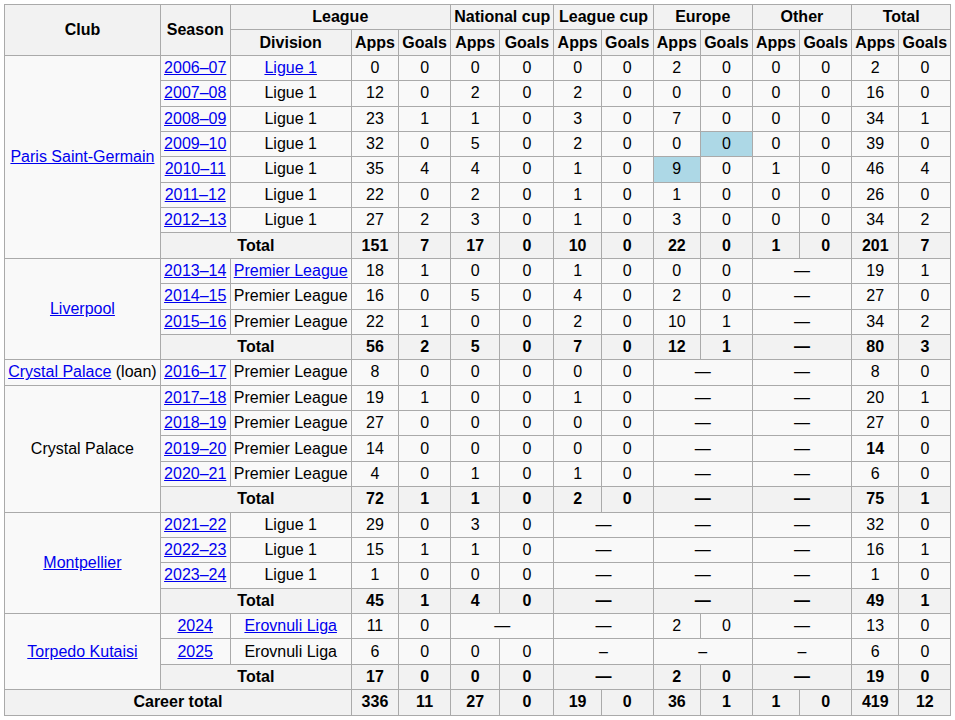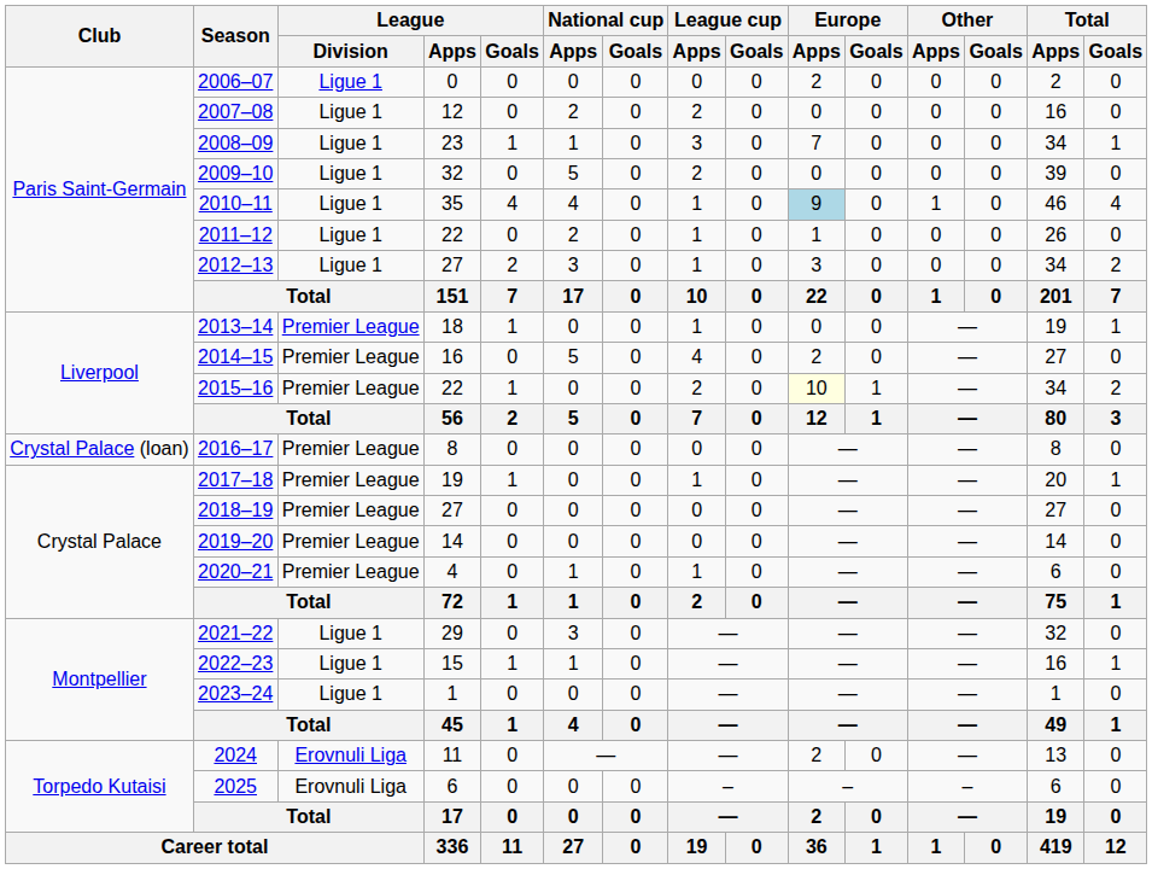 <table class="wikitable" style="text-align: center;">
 <tr>
 <th rowspan="2">Club</th>
 <th rowspan="2">Season</th>
 <th colspan="3">League</th>
 <th colspan="2">National cup</th>
 <th colspan="2">League cup</th>
 <th colspan="2">Europe</th>
 <th colspan="2">Other</th>
 <th colspan="2">Total</th>
 </tr>
 <tr>
 <th>Division</th>
 <th>Apps</th>
 <th>Goals</th>
 <th>Apps</th>
 <th>Goals</th>
 <th>Apps</th>
 <th>Goals</th>
 <th>Apps</th>
 <th>Goals</th>
 <th>Apps</th>
 <th>Goals</th>
 <th>Apps</th>
 <th>Goals</th>
 </tr>
 <tr>
 <td rowspan="8"><a href='#'>Paris Saint-Germain</a></td>
 <td><a href='#'>2006–07</a></td>
 <td><a href='#'>Ligue 1</a></td>
 <td>0</td>
 <td>0</td>
 <td>0</td>
 <td>0</td>
 <td>0</td>
 <td>0</td>
 <td>2</td>
 <td>0</td>
 <td>0</td>
 <td>0</td>
 <td>2</td>
 <td>0</td>
 </tr>
 <tr>
 <td><a href='#'>2007–08</a></td>
 <td>Ligue 1</td>
 <td>12</td>
 <td>0</td>
 <td>2</td>
 <td>0</td>
 <td>2</td>
 <td>0</td>
 <td>0</td>
 <td>0</td>
 <td>0</td>
 <td>0</td>
 <td>16</td>
 <td>0</td>
 </tr>
 <tr>
 <td><a href='#'>2008–09</a></td>
 <td>Ligue 1</td>
 <td>23</td>
 <td>1</td>
 <td>1</td>
 <td>0</td>
 <td>3</td>
 <td>0</td>
 <td>7</td>
 <td>0</td>
 <td>0</td>
 <td>0</td>
 <td>34</td>
 <td>1</td>
 </tr>
 <tr>
 <td><a href='#'>2009–10</a></td>
 <td>Ligue 1</td>
 <td>32</td>
 <td>0</td>
 <td>5</td>
 <td>0</td>
 <td>2</td>
 <td>0</td>
 <td>0</td>
-<td style="background: lightblue;">0</td>
+<td>0</td>
 <td>0</td>
 <td>0</td>
 <td>39</td>
 <td>0</td>
 </tr>
 <tr>
 <td><a href='#'>2010–11</a></td>
 <td>Ligue 1</td>
 <td>35</td>
 <td>4</td>
 <td>4</td>
 <td>0</td>
 <td>1</td>
 <td>0</td>
 <td style="background: lightblue;">9</td>
 <td>0</td>
 <td>1</td>
 <td>0</td>
 <td>46</td>
 <td>4</td>
 </tr>
 <tr>
 <td><a href='#'>2011–12</a></td>
 <td>Ligue 1</td>
 <td>22</td>
 <td>0</td>
 <td>2</td>
 <td>0</td>
 <td>1</td>
 <td>0</td>
 <td>1</td>
 <td>0</td>
 <td>0</td>
 <td>0</td>
 <td>26</td>
 <td>0</td>
 </tr>
 <tr>
 <td><a href='#'>2012–13</a></td>
 <td>Ligue 1</td>
 <td>27</td>
 <td>2</td>
 <td>3</td>
 <td>0</td>
 <td>1</td>
 <td>0</td>
 <td>3</td>
 <td>0</td>
 <td>0</td>
 <td>0</td>
 <td>34</td>
 <td>2</td>
 </tr>
 <tr>
 <th colspan="2">Total</th>
 <th>151</th>
 <th>7</th>
 <th>17</th>
 <th>0</th>
 <th>10</th>
 <th>0</th>
 <th>22</th>
 <th>0</th>
 <th>1</th>
 <th>0</th>
 <th>201</th>
 <th>7</th>
 </tr>
 <tr>
 <td rowspan="4"><a href='#'>Liverpool</a></td>
 <td><a href='#'>2013–14</a></td>
 <td><a href='#'>Premier League</a></td>
 <td>18</td>
 <td>1</td>
 <td>0</td>
 <td>0</td>
 <td>1</td>
 <td>0</td>
 <td>0</td>
 <td>0</td>
 <td colspan="2">—</td>
 <td>19</td>
 <td>1</td>
 </tr>
 <tr>
 <td><a href='#'>2014–15</a></td>
 <td>Premier League</td>
 <td>16</td>
 <td>0</td>
 <td>5</td>
 <td>0</td>
 <td>4</td>
 <td>0</td>
 <td>2</td>
 <td>0</td>
 <td colspan="2">—</td>
 <td>27</td>
 <td>0</td>
 </tr>
 <tr>
 <td><a href='#'>2015–16</a></td>
 <td>Premier League</td>
 <td>22</td>
 <td>1</td>
 <td>0</td>
 <td>0</td>
 <td>2</td>
 <td>0</td>
-<td>10</td>
+<td style="background: lightyellow;">10</td>
 <td>1</td>
 <td colspan="2">—</td>
 <td>34</td>
 <td>2</td>
 </tr>
 <tr>
 <th colspan="2">Total</th>
 <th>56</th>
 <th>2</th>
 <th>5</th>
 <th>0</th>
 <th>7</th>
 <th>0</th>
 <th>12</th>
 <th>1</th>
 <th colspan="2">—</th>
 <th>80</th>
 <th>3</th>
 </tr>
 <tr>
 <td><a href='#'>Crystal Palace</a> (loan)</td>
 <td><a href='#'>2016–17</a></td>
 <td>Premier League</td>
 <td>8</td>
 <td>0</td>
 <td>0</td>
 <td>0</td>
 <td>0</td>
 <td>0</td>
 <td colspan="2">—</td>
 <td colspan="2">—</td>
 <td>8</td>
 <td>0</td>
 </tr>
 <tr>
 <td rowspan="5">Crystal Palace</td>
 <td><a href='#'>2017–18</a></td>
 <td>Premier League</td>
 <td>19</td>
 <td>1</td>
 <td>0</td>
 <td>0</td>
 <td>1</td>
 <td>0</td>
 <td colspan="2">—</td>
 <td colspan="2">—</td>
 <td>20</td>
 <td>1</td>
 </tr>
 <tr>
 <td><a href='#'>2018–19</a></td>
 <td>Premier League</td>
 <td>27</td>
 <td>0</td>
 <td>0</td>
 <td>0</td>
 <td>0</td>
 <td>0</td>
 <td colspan="2">—</td>
 <td colspan="2">—</td>
 <td>27</td>
 <td>0</td>
 </tr>
 <tr>
 <td><a href='#'>2019–20</a></td>
 <td>Premier League</td>
 <td>14</td>
 <td>0</td>
 <td>0</td>
 <td>0</td>
 <td>0</td>
 <td>0</td>
 <td colspan="2">—</td>
 <td colspan="2">—</td>
-<td><strong>14</strong></td>
+<td>14</td>
 <td>0</td>
 </tr>
 <tr>
 <td><a href='#'>2020–21</a></td>
 <td>Premier League</td>
 <td>4</td>
 <td>0</td>
 <td>1</td>
 <td>0</td>
 <td>1</td>
 <td>0</td>
 <td colspan="2">—</td>
 <td colspan="2">—</td>
 <td>6</td>
 <td>0</td>
 </tr>
 <tr>
 <th colspan="2">Total</th>
 <th>72</th>
 <th>1</th>
 <th>1</th>
 <th>0</th>
 <th>2</th>
 <th>0</th>
 <th colspan="2">—</th>
 <th colspan="2">—</th>
 <th>75</th>
 <th>1</th>
 </tr>
 <tr>
 <td rowspan="4"><a href='#'>Montpellier</a></td>
 <td><a href='#'>2021–22</a></td>
 <td>Ligue 1</td>
 <td>29</td>
 <td>0</td>
 <td>3</td>
 <td>0</td>
 <td colspan="2">—</td>
 <td colspan="2">—</td>
 <td colspan="2">—</td>
 <td>32</td>
 <td>0</td>
 </tr>
 <tr>
 <td><a href='#'>2022–23</a></td>
 <td>Ligue 1</td>
 <td>15</td>
 <td>1</td>
 <td>1</td>
 <td>0</td>
 <td colspan="2">—</td>
 <td colspan="2">—</td>
 <td colspan="2">—</td>
 <td>16</td>
 <td>1</td>
 </tr>
 <tr>
 <td><a href='#'>2023–24</a></td>
 <td>Ligue 1</td>
 <td>1</td>
 <td>0</td>
 <td>0</td>
 <td>0</td>
 <td colspan="2">—</td>
 <td colspan="2">—</td>
 <td colspan="2">—</td>
 <td>1</td>
 <td>0</td>
 </tr>
 <tr>
 <th colspan="2">Total</th>
 <th>45</th>
 <th>1</th>
 <th>4</th>
 <th>0</th>
 <th colspan="2">—</th>
 <th colspan="2">—</th>
 <th colspan="2">—</th>
 <th>49</th>
 <th>1</th>
 </tr>
 <tr>
 <td rowspan="3"><a href='#'>Torpedo Kutaisi</a></td>
 <td><a href='#'>2024</a></td>
 <td><a href='#'>Erovnuli Liga</a></td>
 <td>11</td>
 <td>0</td>
 <td colspan="2">—</td>
 <td colspan="2">—</td>
 <td>2</td>
 <td>0</td>
 <td colspan="2">—</td>
 <td>13</td>
 <td>0</td>
 </tr>
 <tr>
 <td><a href='#'>2025</a></td>
 <td>Erovnuli Liga</td>
 <td>6</td>
 <td>0</td>
 <td>0</td>
 <td>0</td>
 <td colspan="2">–</td>
 <td colspan="2">–</td>
 <td colspan="2">–</td>
 <td>6</td>
 <td>0</td>
 </tr>
 <tr>
 <th colspan="2">Total</th>
 <th>17</th>
 <th>0</th>
 <th>0</th>
 <th>0</th>
 <th colspan="2">—</th>
 <th>2</th>
 <th>0</th>
 <th colspan="2">—</th>
 <th>19</th>
 <th>0</th>
 </tr>
 <tr>
 <th colspan="3">Career total</th>
 <th>336</th>
 <th>11</th>
 <th>27</th>
 <th>0</th>
 <th>19</th>
 <th>0</th>
 <th>36</th>
 <th>1</th>
 <th>1</th>
 <th>0</th>
 <th>419</th>
 <th>12</th>
 </tr>
 </table>
